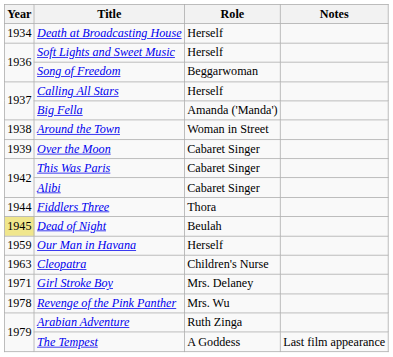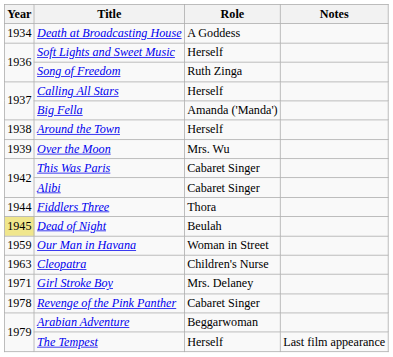 <table class="wikitable sortable sticky-header">
 <tr>
 <th>Year</th>
 <th>Title</th>
 <th>Role</th>
 <th>Notes</th>
 </tr>
 <tr>
 <td>1934</td>
 <td><em><a href='#'>Death at Broadcasting House</a></em></td>
-<td>Herself</td>
+<td>A Goddess</td>
 <td></td>
 </tr>
 <tr>
 <td rowspan=2>1936</td>
 <td><em><a href='#'>Soft Lights and Sweet Music</a></em></td>
 <td>Herself</td>
 <td></td>
 </tr>
 <tr>
 <td><em><a href='#'>Song of Freedom</a></em></td>
-<td>Beggarwoman</td>
+<td>Ruth Zinga</td>
 <td></td>
 </tr>
 <tr>
 <td rowspan=2>1937</td>
 <td><em><a href='#'>Calling All Stars</a></em></td>
 <td>Herself</td>
 <td></td>
 </tr>
 <tr>
 <td><em><a href='#'>Big Fella</a></em></td>
 <td>Amanda ('Manda')</td>
 <td></td>
 </tr>
 <tr>
 <td>1938</td>
 <td><em><a href='#'>Around the Town</a></em></td>
-<td>Woman in Street</td>
+<td>Herself</td>
 <td></td>
 </tr>
 <tr>
 <td>1939</td>
 <td><em><a href='#'>Over the Moon</a></em></td>
-<td>Cabaret Singer</td>
+<td>Mrs. Wu</td>
 <td></td>
 </tr>
 <tr>
 <td rowspan=2>1942</td>
 <td><em><a href='#'>This Was Paris</a></em></td>
 <td>Cabaret Singer</td>
 <td></td>
 </tr>
 <tr>
 <td><em><a href='#'>Alibi</a></em></td>
 <td>Cabaret Singer</td>
 <td></td>
 </tr>
 <tr>
 <td>1944</td>
 <td><em><a href='#'>Fiddlers Three</a></em></td>
 <td>Thora</td>
 <td></td>
 </tr>
 <tr>
 <td style="background: khaki;">1945</td>
 <td><em><a href='#'>Dead of Night</a></em></td>
 <td>Beulah</td>
 <td></td>
 </tr>
 <tr>
 <td>1959</td>
 <td><em><a href='#'>Our Man in Havana</a></em></td>
-<td>Herself</td>
+<td>Woman in Street</td>
 <td></td>
 </tr>
 <tr>
 <td>1963</td>
 <td><em><a href='#'>Cleopatra</a></em></td>
 <td>Children's Nurse</td>
 <td></td>
 </tr>
 <tr>
 <td>1971</td>
 <td><em><a href='#'>Girl Stroke Boy</a></em></td>
 <td>Mrs. Delaney</td>
 <td></td>
 </tr>
 <tr>
 <td>1978</td>
 <td><em><a href='#'>Revenge of the Pink Panther</a></em></td>
-<td>Mrs. Wu</td>
+<td>Cabaret Singer</td>
 <td></td>
 </tr>
 <tr>
 <td rowspan=2>1979</td>
 <td><em><a href='#'>Arabian Adventure</a></em></td>
-<td>Ruth Zinga</td>
+<td>Beggarwoman</td>
 <td></td>
 </tr>
 <tr>
 <td><em><a href='#'>The Tempest</a></em></td>
-<td>A Goddess</td>
+<td>Herself</td>
 <td>Last film appearance</td>
 </tr>
 </table>
